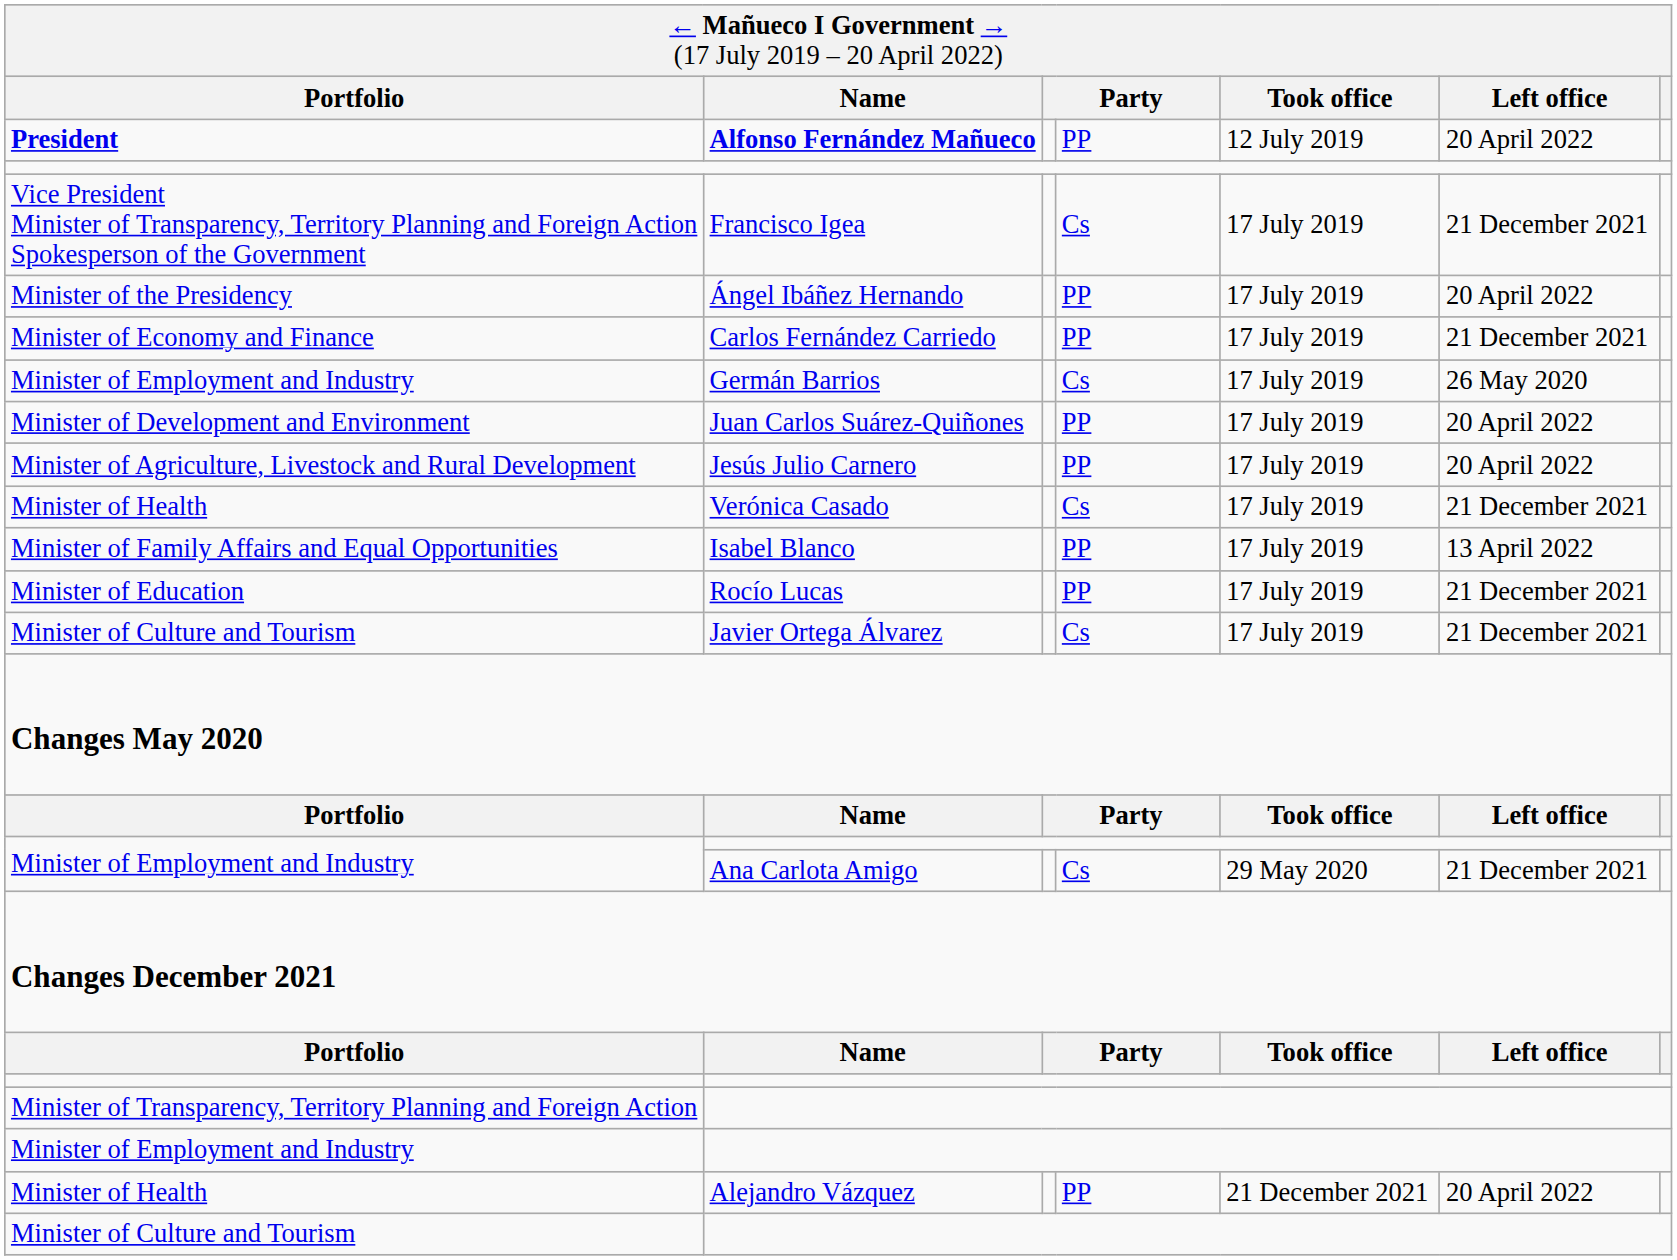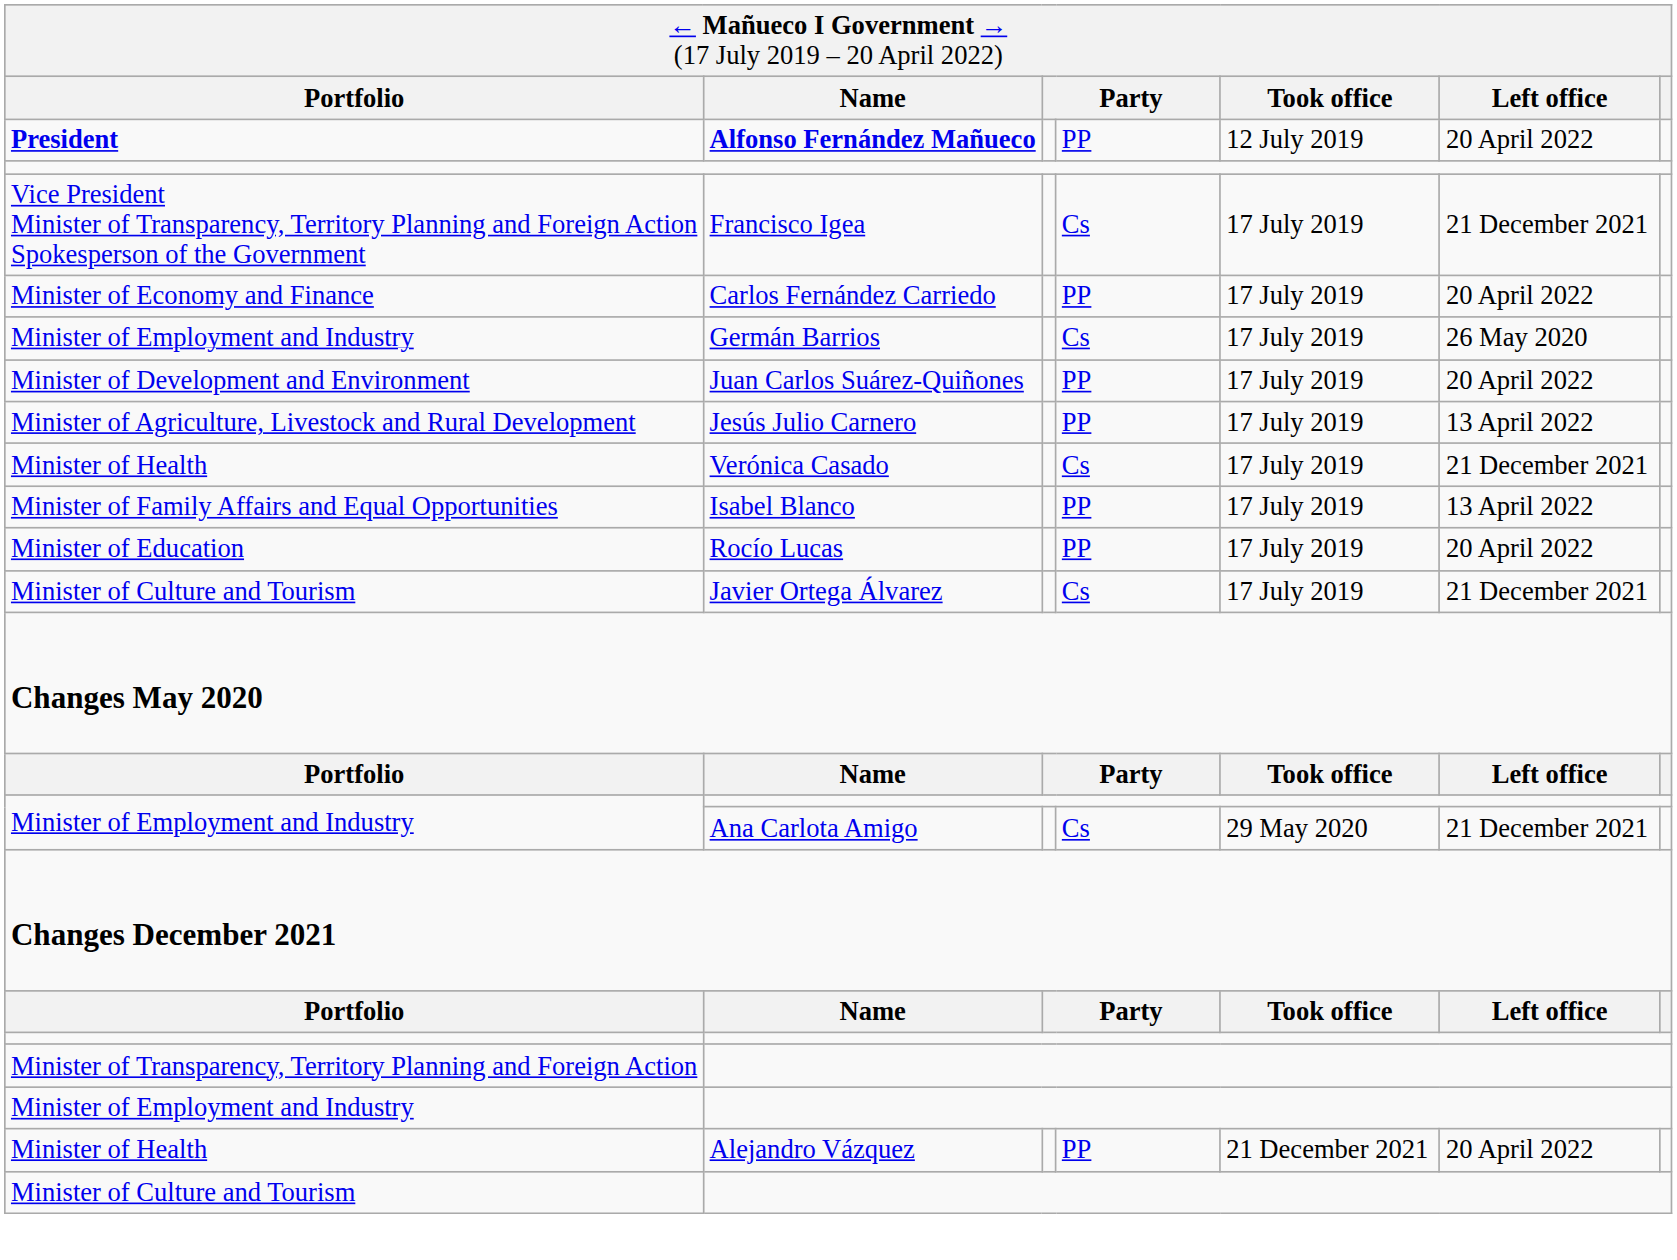 <table class="wikitable">
 <tr>
 <td colspan="7" bgcolor="#F2F2F2" align="center"><a href='#'>←</a> <strong>Mañueco I Government</strong> <a href='#'>→</a><br>(17 July 2019 – 20 April 2022)</td>
 </tr>
 <tr>
 <th>Portfolio</th>
 <th>Name</th>
 <th width="100px" colspan="2">Party</th>
 <th width="125px">Took office</th>
 <th width="125px">Left office</th>
 <th></th>
 </tr>
 <tr>
 <td><strong><a href='#'>President</a></strong></td>
 <td><strong><a href='#'>Alfonso Fernández Mañueco</a></strong></td>
 <td width="1" style="background-color:"></td>
 <td><a href='#'>PP</a></td>
 <td>12 July 2019</td>
 <td>20 April 2022</td>
 <td align="center"></td>
 </tr>
 <tr>
 <td colspan="7"></td>
 </tr>
 <tr>
 <td><a href='#'>Vice President</a><br><a href='#'>Minister of Transparency, Territory Planning and Foreign Action</a><br><a href='#'>Spokesperson of the Government</a></td>
 <td><a href='#'>Francisco Igea</a></td>
 <td style="background-color:"></td>
 <td><a href='#'>Cs</a></td>
 <td>17 July 2019</td>
 <td>21 December 2021</td>
 <td align="center"><br><br></td>
 </tr>
 <tr>
-<td><a href='#'>Minister of the Presidency</a></td>
-<td><a href='#'>Ángel Ibáñez Hernando</a></td>
-<td style="background-color:"></td>
-<td><a href='#'>PP</a></td>
-<td>17 July 2019</td>
-<td>20 April 2022</td>
-<td align="center"></td>
-</tr>
-<tr>
 <td><a href='#'>Minister of Economy and Finance</a></td>
 <td><a href='#'>Carlos Fernández Carriedo</a></td>
 <td style="background-color:"></td>
 <td><a href='#'>PP</a></td>
 <td>17 July 2019</td>
-<td>21 December 2021</td>
+<td>20 April 2022</td>
 <td align="center"></td>
 </tr>
 <tr>
 <td><a href='#'>Minister of Employment and Industry</a></td>
 <td><a href='#'>Germán Barrios</a></td>
 <td style="background-color:"></td>
 <td><a href='#'>Cs</a></td>
 <td>17 July 2019</td>
 <td>26 May 2020</td>
 <td align="center"></td>
 </tr>
 <tr>
 <td><a href='#'>Minister of Development and Environment</a></td>
 <td><a href='#'>Juan Carlos Suárez-Quiñones</a></td>
 <td style="background-color:"></td>
 <td><a href='#'>PP</a></td>
 <td>17 July 2019</td>
 <td>20 April 2022</td>
 <td align="center"></td>
 </tr>
 <tr>
 <td><a href='#'>Minister of Agriculture, Livestock and Rural Development</a></td>
 <td><a href='#'>Jesús Julio Carnero</a></td>
 <td style="background-color:"></td>
 <td><a href='#'>PP</a></td>
 <td>17 July 2019</td>
-<td>20 April 2022</td>
+<td>13 April 2022</td>
 <td align="center"></td>
 </tr>
 <tr>
 <td><a href='#'>Minister of Health</a></td>
 <td><a href='#'>Verónica Casado</a></td>
 <td style="background-color:"></td>
 <td><a href='#'>Cs</a></td>
 <td>17 July 2019</td>
 <td>21 December 2021</td>
 <td align="center"></td>
 </tr>
 <tr>
 <td><a href='#'>Minister of Family Affairs and Equal Opportunities</a></td>
 <td><a href='#'>Isabel Blanco</a></td>
 <td style="background-color:"></td>
 <td><a href='#'>PP</a></td>
 <td>17 July 2019</td>
 <td>13 April 2022</td>
 <td align="center"></td>
 </tr>
 <tr>
 <td><a href='#'>Minister of Education</a></td>
 <td><a href='#'>Rocío Lucas</a></td>
 <td style="background-color:"></td>
 <td><a href='#'>PP</a></td>
 <td>17 July 2019</td>
-<td>21 December 2021</td>
+<td>20 April 2022</td>
 <td align="center"></td>
 </tr>
 <tr>
 <td><a href='#'>Minister of Culture and Tourism</a></td>
 <td><a href='#'>Javier Ortega Álvarez</a></td>
 <td style="background-color:"></td>
 <td><a href='#'>Cs</a></td>
 <td>17 July 2019</td>
 <td>21 December 2021</td>
 <td align="center"></td>
 </tr>
 <tr>
 <td colspan="7"><br><h3>Changes May 2020</h3></td>
 </tr>
 <tr>
 <th>Portfolio</th>
 <th>Name</th>
 <th colspan="2">Party</th>
 <th>Took office</th>
 <th>Left office</th>
 <th></th>
 </tr>
 <tr>
 <td rowspan="2"><a href='#'>Minister of Employment and Industry</a></td>
 <td colspan="6"></td>
 </tr>
 <tr>
 <td><a href='#'>Ana Carlota Amigo</a></td>
 <td style="background-color:"></td>
 <td><a href='#'>Cs</a></td>
 <td>29 May 2020</td>
 <td>21 December 2021</td>
 <td align="center"></td>
 </tr>
 <tr>
 <td colspan="7"><br><h3>Changes December 2021</h3></td>
 </tr>
 <tr>
 <th>Portfolio</th>
 <th>Name</th>
 <th colspan="2">Party</th>
 <th>Took office</th>
 <th>Left office</th>
 <th></th>
 </tr>
 <tr>
 <td></td>
 <td colspan="6"></td>
 </tr>
 <tr>
 <td><a href='#'>Minister of Transparency, Territory Planning and Foreign Action</a></td>
 <td colspan="6"></td>
 </tr>
 <tr>
 <td><a href='#'>Minister of Employment and Industry</a></td>
 <td colspan="6"></td>
 </tr>
 <tr>
 <td><a href='#'>Minister of Health</a></td>
 <td><a href='#'>Alejandro Vázquez</a></td>
 <td style="background-color:"></td>
 <td><a href='#'>PP</a></td>
 <td>21 December 2021</td>
 <td>20 April 2022</td>
 <td align="center"></td>
 </tr>
 <tr>
 <td><a href='#'>Minister of Culture and Tourism</a></td>
 <td colspan="6"></td>
 </tr>
 </table>
